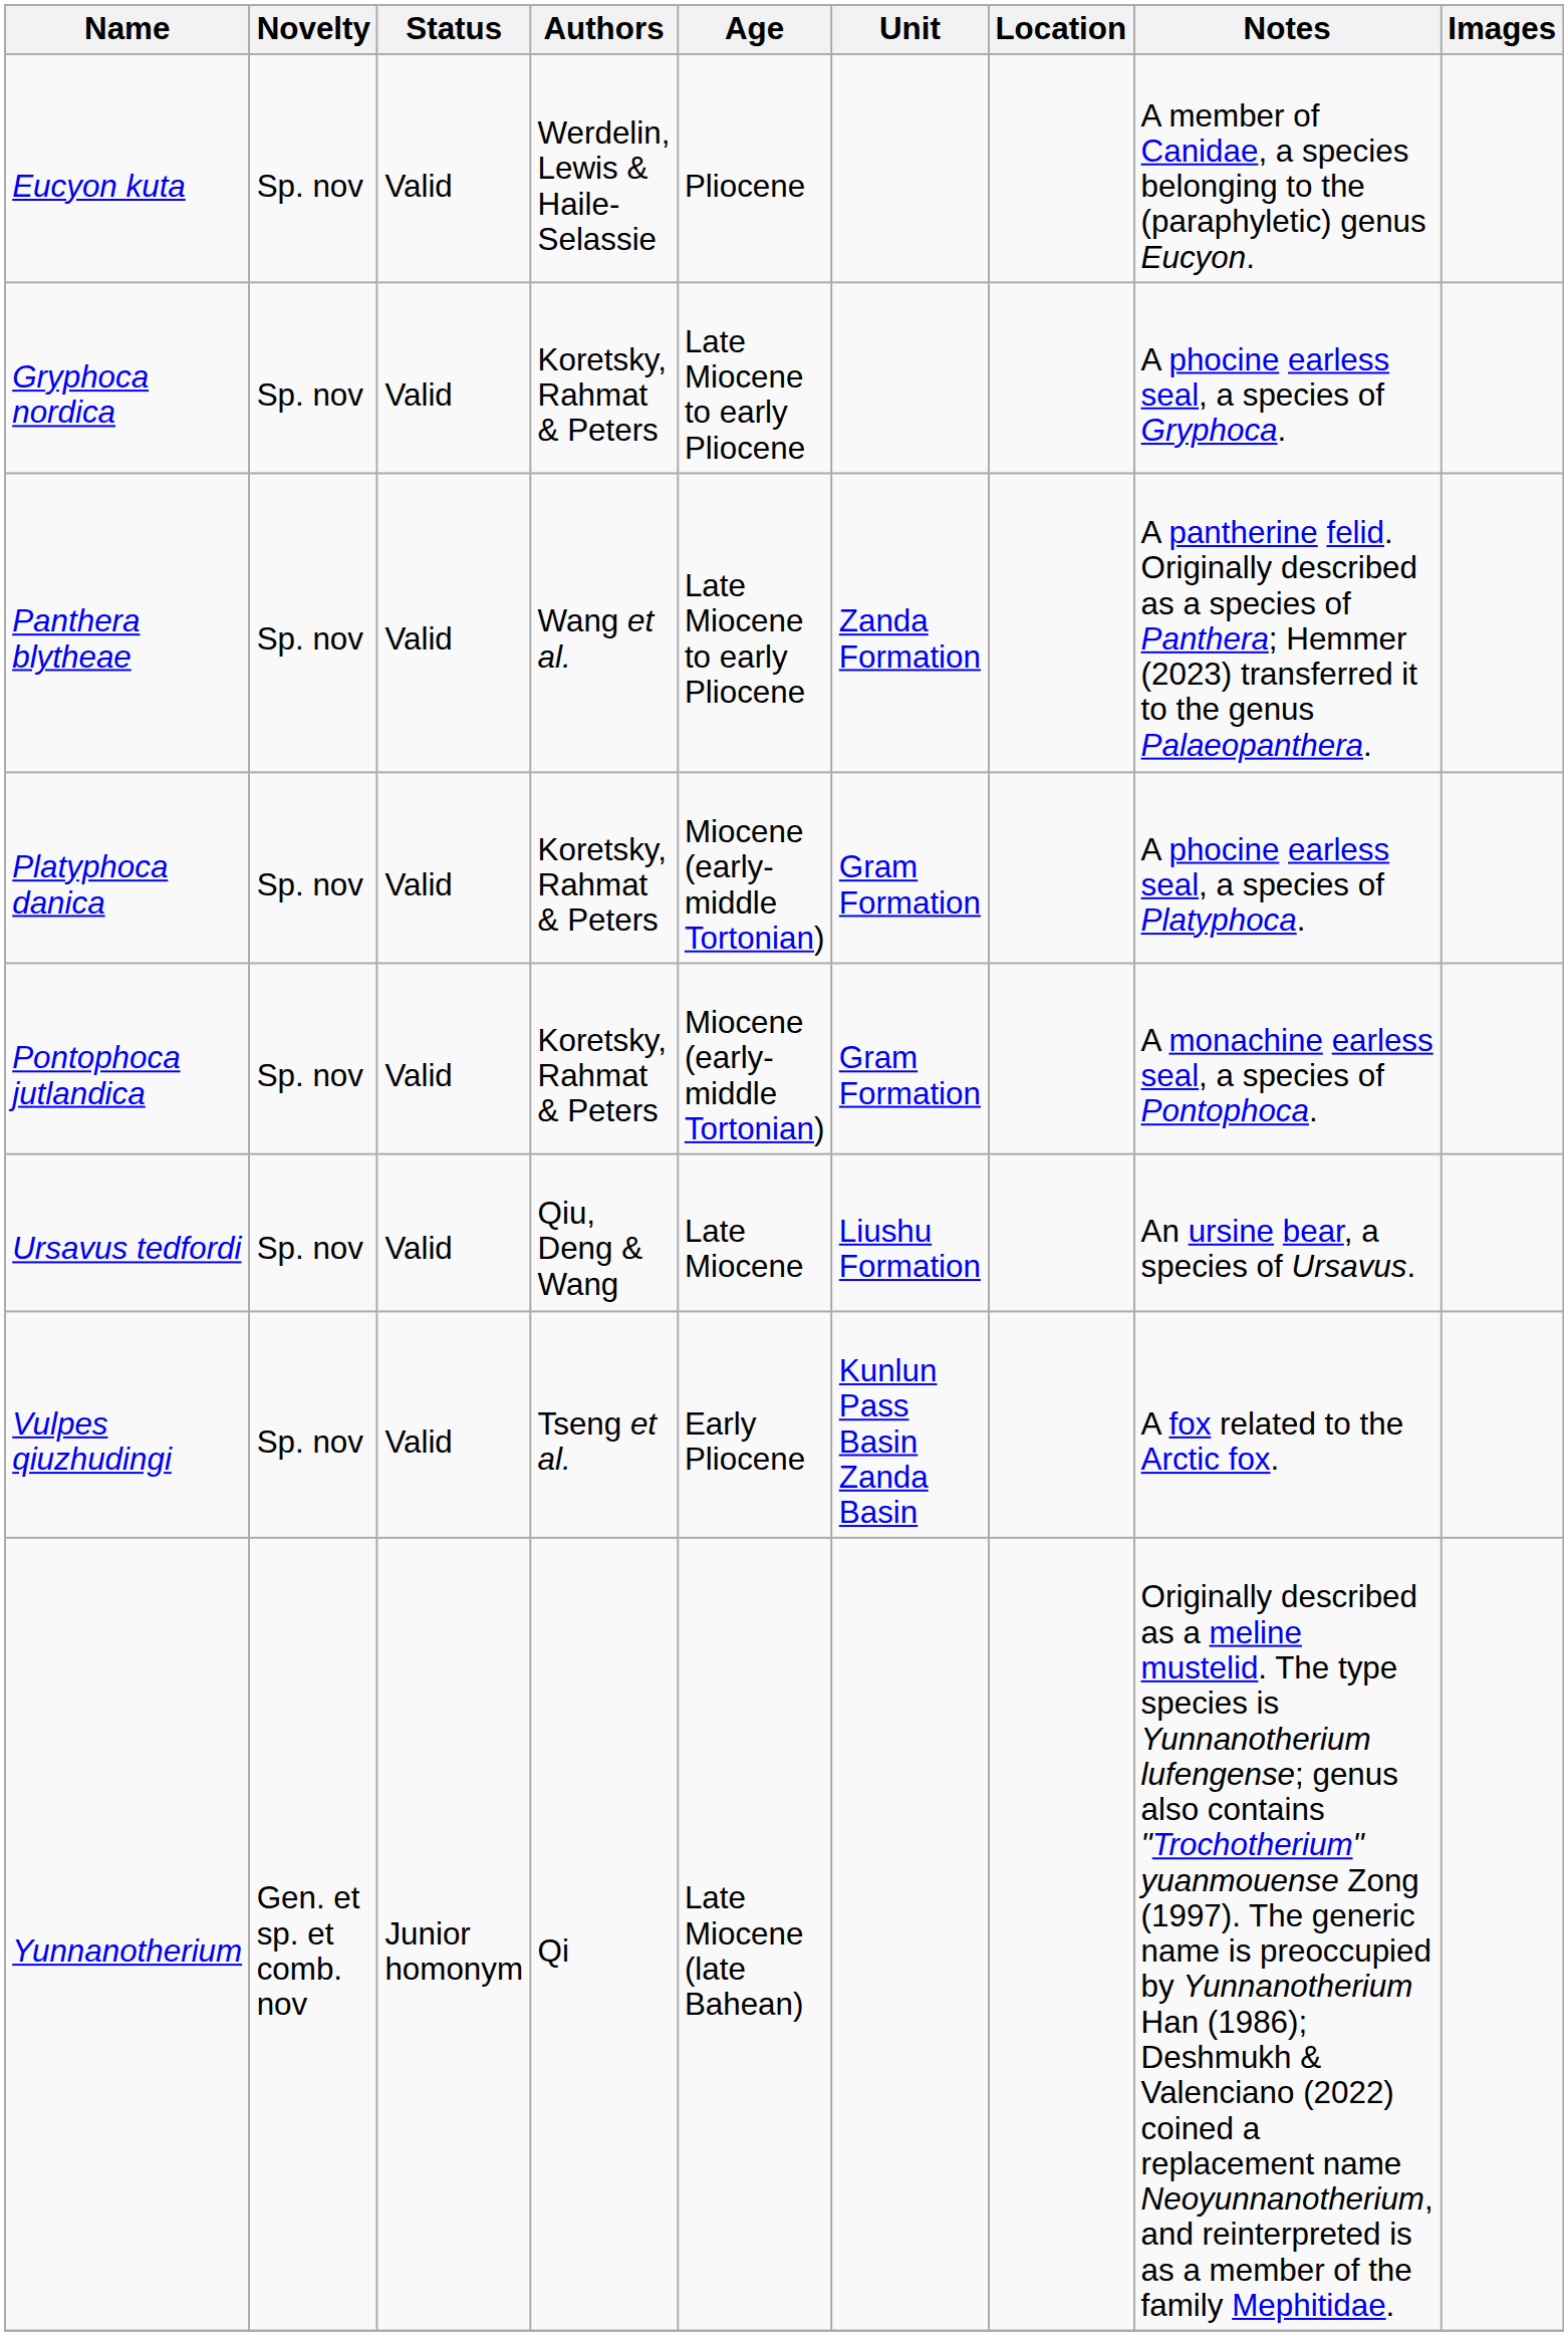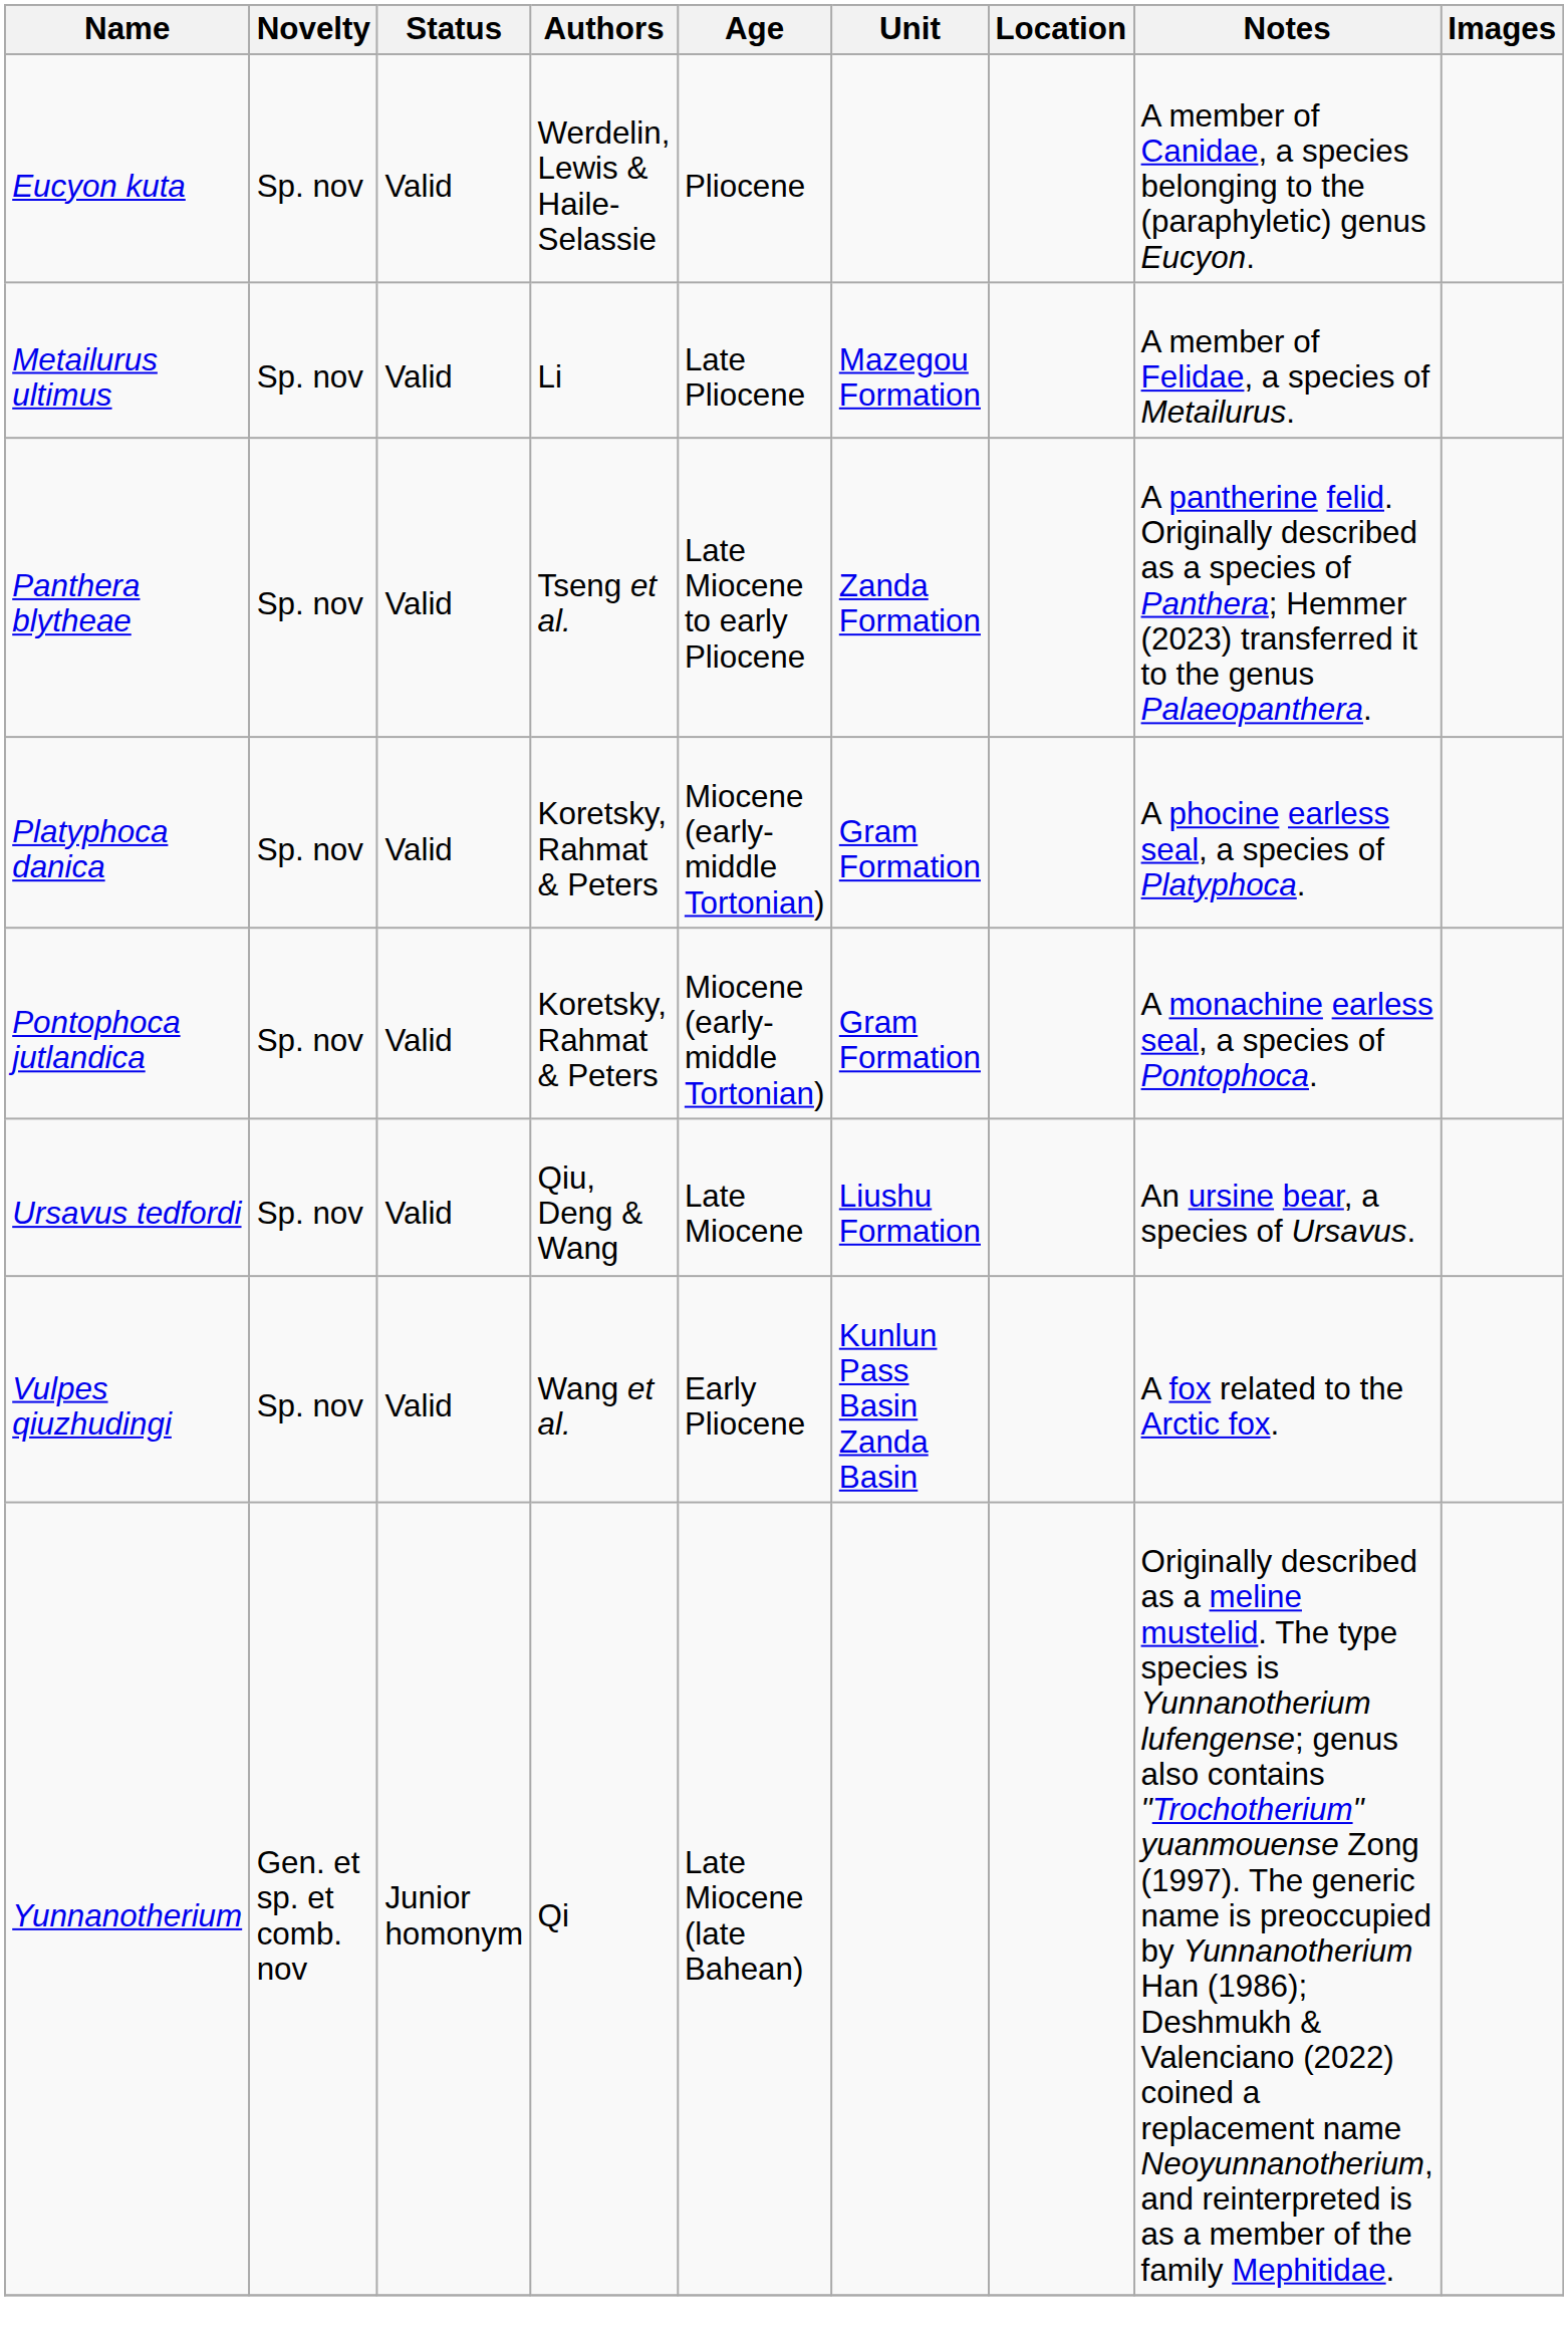 <table class="wikitable sortable" align="center" width="100%">
 <tr>
 <th>Name</th>
 <th>Novelty</th>
 <th>Status</th>
 <th>Authors</th>
 <th>Age</th>
 <th>Unit</th>
 <th>Location</th>
 <th>Notes</th>
 <th>Images</th>
 </tr>
 <tr>
 <td><br><em><a href='#'>Eucyon kuta</a></em></td>
 <td><br>Sp. nov</td>
 <td><br>Valid</td>
 <td><br>Werdelin, Lewis & Haile-Selassie</td>
 <td><br>Pliocene</td>
 <td></td>
 <td><br></td>
 <td><br>A member of <a href='#'>Canidae</a>, a species belonging to the (paraphyletic) genus <em>Eucyon</em>.</td>
 <td></td>
 </tr>
 <tr>
-<td><br><em><a href='#'>Gryphoca nordica</a></em></td>
+<td><br><em><a href='#'>Metailurus ultimus</a></em></td>
 <td><br>Sp. nov</td>
 <td><br>Valid</td>
-<td><br>Koretsky, Rahmat & Peters</td>
-<td><br>Late Miocene to early Pliocene</td>
-<td></td>
-<td><br><br> </td>
-<td><br>A <a href='#'>phocine</a> <a href='#'>earless seal</a>, a species of <em><a href='#'>Gryphoca</a></em>.</td>
+<td><br>Li</td>
+<td><br>Late Pliocene</td>
+<td><br><a href='#'>Mazegou Formation</a></td>
+<td><br></td>
+<td><br>A member of <a href='#'>Felidae</a>, a species of <em>Metailurus</em>.</td>
 <td></td>
 </tr>
 <tr>
 <td><br><em><a href='#'>Panthera blytheae</a></em></td>
 <td><br>Sp. nov</td>
 <td><br>Valid</td>
-<td><br>Wang <em>et al.</em></td>
+<td><br>Tseng <em>et al.</em></td>
 <td><br>Late Miocene to early Pliocene</td>
 <td><br><a href='#'>Zanda Formation</a></td>
 <td><br></td>
 <td><br>A <a href='#'>pantherine</a> <a href='#'>felid</a>. Originally described as a species of <em><a href='#'>Panthera</a></em>; Hemmer (2023) transferred it to the genus <em><a href='#'>Palaeopanthera</a></em>.</td>
 <td></td>
 </tr>
 <tr>
 <td><br><em><a href='#'>Platyphoca danica</a></em></td>
 <td><br>Sp. nov</td>
 <td><br>Valid</td>
 <td><br>Koretsky, Rahmat & Peters</td>
 <td><br>Miocene (early-middle <a href='#'>Tortonian</a>)</td>
 <td><br><a href='#'>Gram Formation</a></td>
 <td><br></td>
 <td><br>A <a href='#'>phocine</a> <a href='#'>earless seal</a>, a species of <em><a href='#'>Platyphoca</a></em>.</td>
 <td></td>
 </tr>
 <tr>
 <td><br><em><a href='#'>Pontophoca jutlandica</a></em></td>
 <td><br>Sp. nov</td>
 <td><br>Valid</td>
 <td><br>Koretsky, Rahmat & Peters</td>
 <td><br>Miocene (early-middle <a href='#'>Tortonian</a>)</td>
 <td><br><a href='#'>Gram Formation</a></td>
 <td><br></td>
 <td><br>A <a href='#'>monachine</a> <a href='#'>earless seal</a>, a species of <em><a href='#'>Pontophoca</a></em>.</td>
 <td></td>
 </tr>
 <tr>
 <td><br><em><a href='#'>Ursavus tedfordi</a></em></td>
 <td><br>Sp. nov</td>
 <td><br>Valid</td>
 <td><br>Qiu, Deng & Wang</td>
 <td><br>Late Miocene</td>
 <td><br><a href='#'>Liushu Formation</a></td>
 <td><br></td>
 <td><br>An <a href='#'>ursine</a> <a href='#'>bear</a>, a species of <em>Ursavus</em>.</td>
 <td></td>
 </tr>
 <tr>
 <td><br><em><a href='#'>Vulpes qiuzhudingi</a></em></td>
 <td><br>Sp. nov</td>
 <td><br>Valid</td>
-<td><br>Tseng <em>et al.</em></td>
+<td><br>Wang <em>et al.</em></td>
 <td><br>Early Pliocene</td>
 <td><br><a href='#'>Kunlun Pass Basin</a><br> <a href='#'>Zanda Basin</a></td>
 <td><br></td>
 <td><br>A <a href='#'>fox</a> related to the <a href='#'>Arctic fox</a>.</td>
 <td></td>
 </tr>
 <tr>
 <td><br><em><a href='#'>Yunnanotherium</a></em></td>
 <td><br>Gen. et sp. et comb. nov</td>
 <td><br>Junior homonym</td>
 <td><br>Qi</td>
 <td><br>Late Miocene (late Bahean)</td>
 <td></td>
 <td><br></td>
 <td><br>Originally described as a <a href='#'>meline</a> <a href='#'>mustelid</a>. The type species is <em>Yunnanotherium lufengense</em>; genus also contains <em>"<a href='#'>Trochotherium</a>" yuanmouense</em> Zong (1997). The generic name is preoccupied by <em>Yunnanotherium</em> Han (1986);  Deshmukh & Valenciano (2022) coined a replacement name <em>Neoyunnanotherium</em>, and reinterpreted is as a member of the family <a href='#'>Mephitidae</a>.</td>
 <td></td>
 </tr>
 <tr>
 </tr>
 </table>
